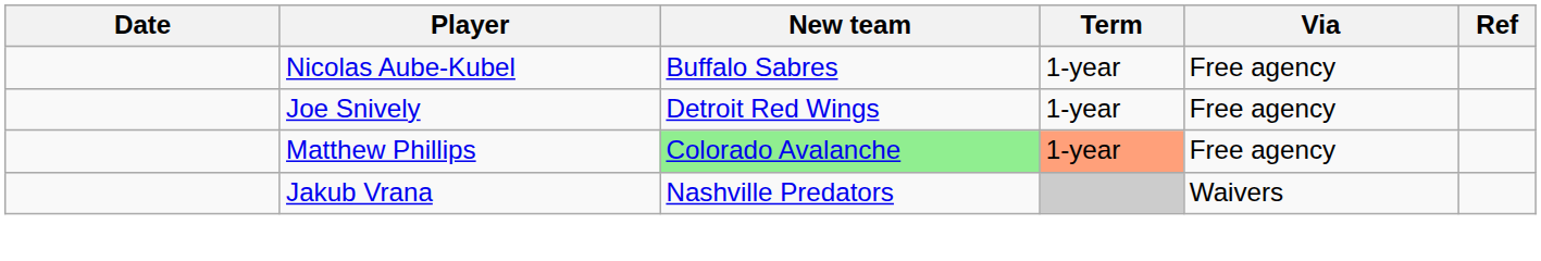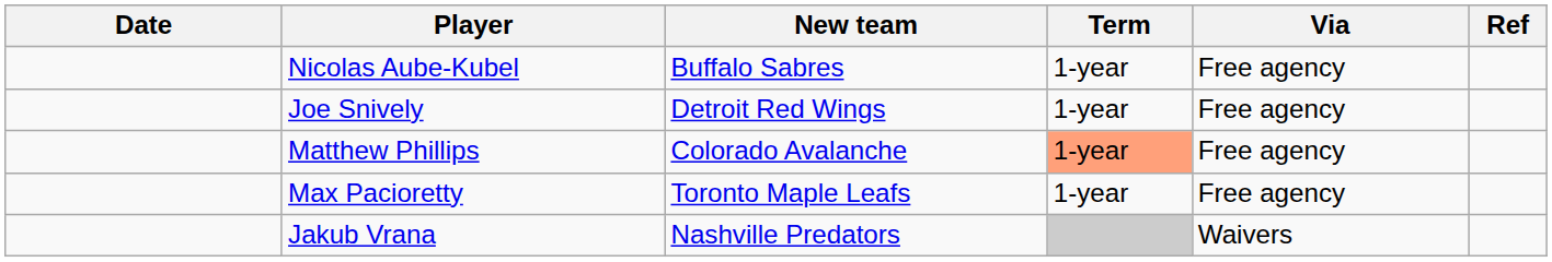 <table class="wikitable">
 <tr style="background:#ddd; text-align:center;">
 <th style="width: 10em;">Date</th>
 <th style="width: 14em;">Player</th>
 <th style="width: 14em;">New team</th>
 <th style="width: 5em;">Term</th>
 <th style="width: 10em;">Via</th>
 <th style="width: 2.5em;">Ref</th>
 </tr>
 <tr>
 <td></td>
 <td><a href='#'>Nicolas Aube-Kubel</a></td>
 <td><a href='#'>Buffalo Sabres</a></td>
 <td>1-year</td>
 <td>Free agency</td>
 <td></td>
 </tr>
 <tr>
 <td></td>
 <td><a href='#'>Joe Snively</a></td>
 <td><a href='#'>Detroit Red Wings</a></td>
 <td>1-year</td>
 <td>Free agency</td>
 <td></td>
 </tr>
 <tr>
 <td></td>
 <td><a href='#'>Matthew Phillips</a></td>
-<td style="background: lightgreen;"><a href='#'>Colorado Avalanche</a></td>
+<td><a href='#'>Colorado Avalanche</a></td>
 <td style="background: lightsalmon;">1-year</td>
+<td>Free agency</td>
+<td></td>
+</tr>
+<tr>
+<td></td>
+<td><a href='#'>Max Pacioretty</a></td>
+<td><a href='#'>Toronto Maple Leafs</a></td>
+<td>1-year</td>
 <td>Free agency</td>
 <td></td>
 </tr>
 <tr>
 <td></td>
 <td><a href='#'>Jakub Vrana</a></td>
 <td><a href='#'>Nashville Predators</a></td>
 <td style="background:#ccc;"></td>
 <td>Waivers</td>
 <td></td>
 </tr>
 </table>
